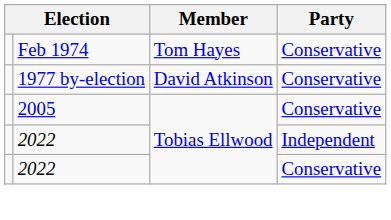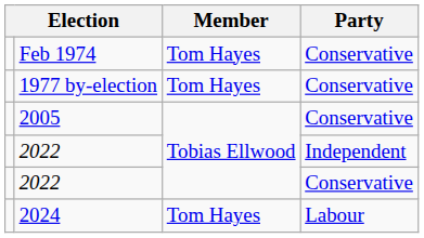 <table class="wikitable">
 <tr>
 <th colspan="2">Election</th>
 <th>Member</th>
 <th>Party</th>
 </tr>
 <tr>
 <td style="color:inherit;background-color: "></td>
 <td><a href='#'>Feb 1974</a></td>
 <td><a href='#'>Tom Hayes</a></td>
 <td><a href='#'>Conservative</a></td>
 </tr>
 <tr>
 <td style="color:inherit;background-color: "></td>
 <td><a href='#'>1977 by-election</a></td>
-<td><a href='#'>David Atkinson</a></td>
+<td><a href='#'>Tom Hayes</a></td>
 <td><a href='#'>Conservative</a></td>
 </tr>
 <tr>
 <td style="color:inherit;background-color: "></td>
 <td><a href='#'>2005</a></td>
 <td rowspan=3><a href='#'>Tobias Ellwood</a></td>
 <td><a href='#'>Conservative</a></td>
 </tr>
 <tr>
 <td style="color:inherit;background-color: "></td>
 <td><em>2022</em></td>
 <td><a href='#'>Independent</a></td>
 </tr>
 <tr>
 <td style="color:inherit;background-color: "></td>
 <td><em>2022</em></td>
 <td><a href='#'>Conservative</a></td>
 </tr>
+<tr>
+<td style="color:inherit;background-color: "></td>
+<td><a href='#'>2024</a></td>
+<td><a href='#'>Tom Hayes</a></td>
+<td><a href='#'>Labour</a></td>
+</tr>
 </table>
